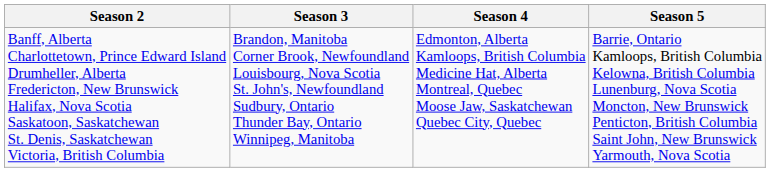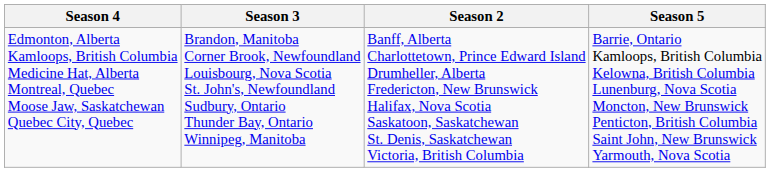 <table class="wikitable" border="1">
 <tr style="vertical-align:bottom;">
+<th>Season 4</th>
+<th>Season 3</th>
 <th>Season 2</th>
-<th>Season 3</th>
-<th>Season 4</th>
 <th>Season 5</th>
 </tr>
 <tr style="vertical-align:top;">
+<td><a href='#'>Edmonton, Alberta</a><br><a href='#'>Kamloops, British Columbia</a><br><a href='#'>Medicine Hat, Alberta</a><br><a href='#'>Montreal, Quebec</a><br><a href='#'>Moose Jaw, Saskatchewan</a><br><a href='#'>Quebec City, Quebec</a></td>
+<td><a href='#'>Brandon, Manitoba</a><br><a href='#'>Corner Brook, Newfoundland</a><br><a href='#'>Louisbourg, Nova Scotia</a><br><a href='#'>St. John's, Newfoundland</a><br><a href='#'>Sudbury, Ontario</a><br><a href='#'>Thunder Bay, Ontario</a><br><a href='#'>Winnipeg, Manitoba</a></td>
 <td><a href='#'>Banff, Alberta</a><br><a href='#'>Charlottetown, Prince Edward Island</a><br><a href='#'>Drumheller, Alberta</a><br><a href='#'>Fredericton, New Brunswick</a><br><a href='#'>Halifax, Nova Scotia</a><br><a href='#'>Saskatoon, Saskatchewan</a><br><a href='#'>St. Denis, Saskatchewan</a> <br><a href='#'>Victoria, British Columbia</a></td>
-<td><a href='#'>Brandon, Manitoba</a><br><a href='#'>Corner Brook, Newfoundland</a><br><a href='#'>Louisbourg, Nova Scotia</a><br><a href='#'>St. John's, Newfoundland</a><br><a href='#'>Sudbury, Ontario</a><br><a href='#'>Thunder Bay, Ontario</a><br><a href='#'>Winnipeg, Manitoba</a></td>
-<td><a href='#'>Edmonton, Alberta</a><br><a href='#'>Kamloops, British Columbia</a><br><a href='#'>Medicine Hat, Alberta</a><br><a href='#'>Montreal, Quebec</a><br><a href='#'>Moose Jaw, Saskatchewan</a><br><a href='#'>Quebec City, Quebec</a></td>
 <td><a href='#'>Barrie, Ontario</a><br>Kamloops, British Columbia<br><a href='#'>Kelowna, British Columbia</a><br><a href='#'>Lunenburg, Nova Scotia</a> <br><a href='#'>Moncton, New Brunswick</a><br><a href='#'>Penticton, British Columbia</a><br><a href='#'>Saint John, New Brunswick</a><br><a href='#'>Yarmouth, Nova Scotia</a></td>
 </tr>
 </table>
